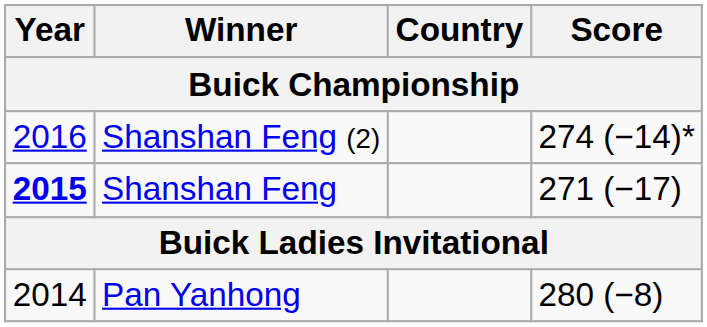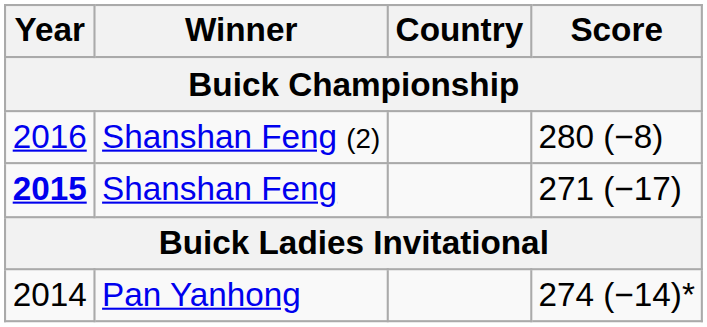 <table class=wikitable>
 <tr>
 <th>Year</th>
 <th>Winner</th>
 <th>Country</th>
 <th>Score</th>
 </tr>
 <tr>
 <th colspan=4>Buick Championship</th>
 </tr>
 <tr>
 <td><a href='#'>2016</a></td>
 <td><a href='#'>Shanshan Feng</a> <small>(2)</small></td>
 <td></td>
-<td>274 (−14)*</td>
+<td>280 (−8)</td>
 </tr>
 <tr>
 <td><strong><a href='#'>2015</a></strong></td>
 <td><a href='#'>Shanshan Feng</a></td>
 <td></td>
 <td>271 (−17)</td>
 </tr>
 <tr>
 <th colspan=4>Buick Ladies Invitational</th>
 </tr>
 <tr>
 <td>2014</td>
 <td><a href='#'>Pan Yanhong</a></td>
 <td></td>
-<td>280 (−8)</td>
+<td>274 (−14)*</td>
 </tr>
 </table>
